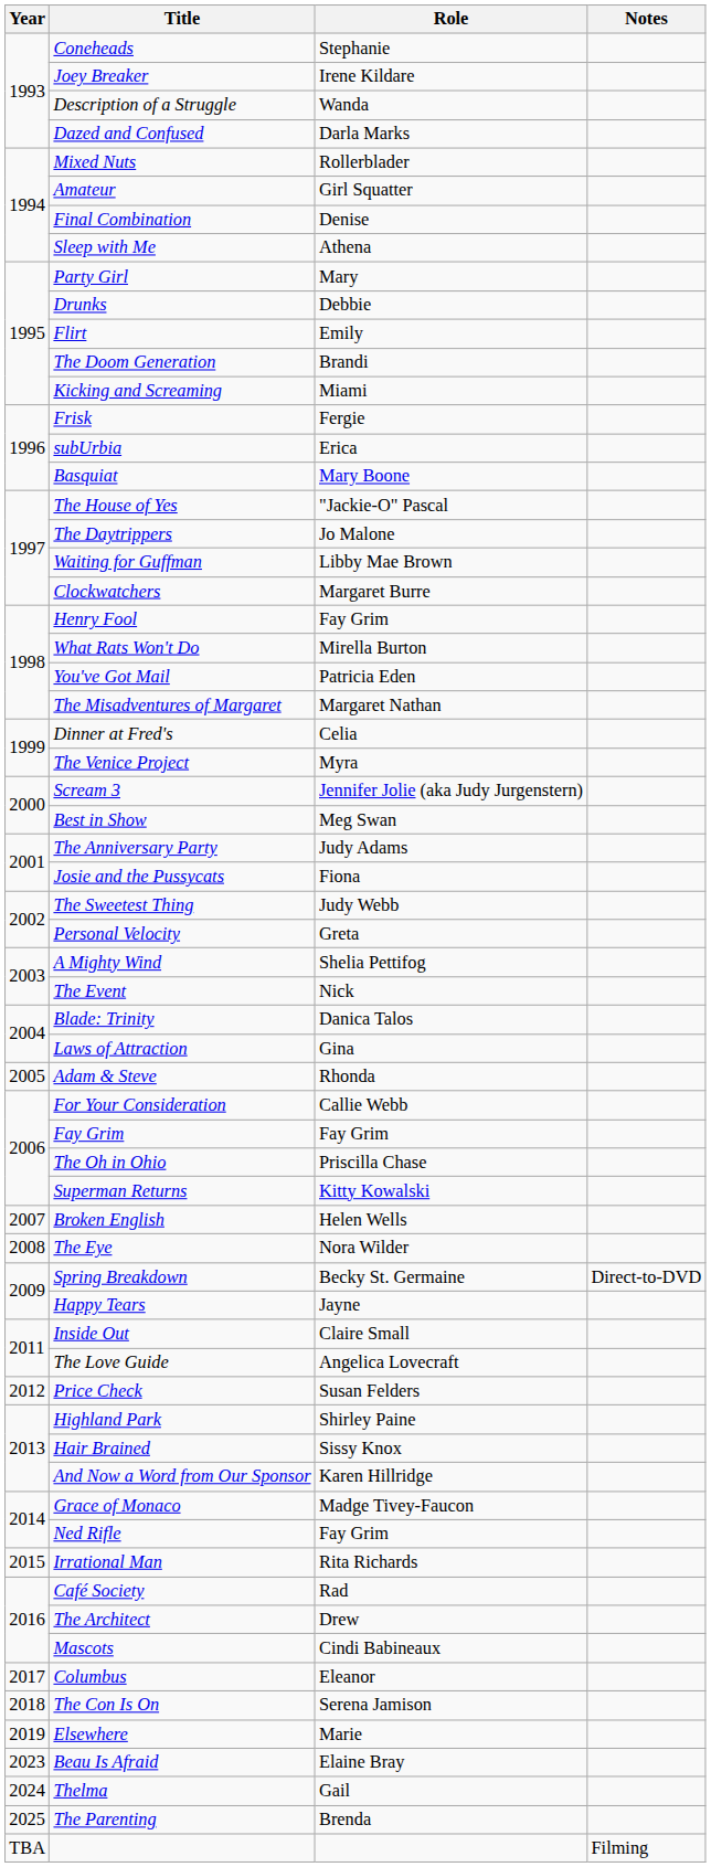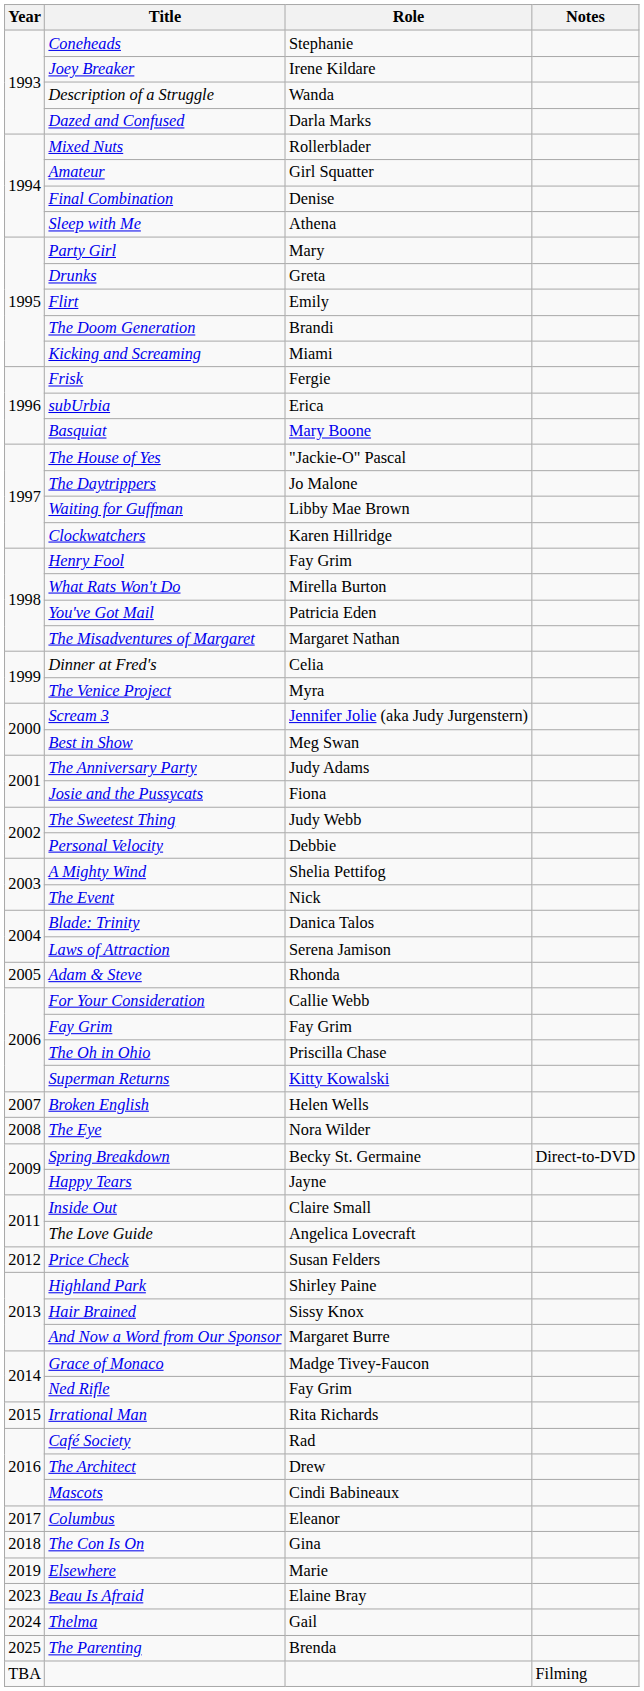 <table class="wikitable sortable">
 <tr>
 <th scope="col">Year</th>
 <th scope="col">Title</th>
 <th scope="col">Role</th>
 <th scope="col" class="unsortable">Notes</th>
 </tr>
 <tr>
 <td rowspan="4">1993</td>
 <td><em><a href='#'>Coneheads</a></em></td>
 <td>Stephanie</td>
 <td></td>
 </tr>
 <tr>
 <td><em><a href='#'>Joey Breaker</a></em></td>
 <td>Irene Kildare</td>
 <td></td>
 </tr>
 <tr>
 <td><em>Description of a Struggle</em></td>
 <td>Wanda</td>
 <td></td>
 </tr>
 <tr>
 <td><em><a href='#'>Dazed and Confused</a></em></td>
 <td>Darla Marks</td>
 <td></td>
 </tr>
 <tr>
 <td rowspan="4">1994</td>
 <td><em><a href='#'>Mixed Nuts</a></em></td>
 <td>Rollerblader</td>
 <td></td>
 </tr>
 <tr>
 <td><em><a href='#'>Amateur</a></em></td>
 <td>Girl Squatter</td>
 <td></td>
 </tr>
 <tr>
 <td><em><a href='#'>Final Combination</a></em></td>
 <td>Denise</td>
 <td></td>
 </tr>
 <tr>
 <td><em><a href='#'>Sleep with Me</a></em></td>
 <td>Athena</td>
 <td></td>
 </tr>
 <tr>
 <td rowspan="5">1995</td>
 <td><em><a href='#'>Party Girl</a></em></td>
 <td>Mary</td>
 <td></td>
 </tr>
 <tr>
 <td><em><a href='#'>Drunks</a></em></td>
-<td>Debbie</td>
+<td>Greta</td>
 <td></td>
 </tr>
 <tr>
 <td><em><a href='#'>Flirt</a></em></td>
 <td>Emily</td>
 <td></td>
 </tr>
 <tr>
 <td><em><a href='#'>The Doom Generation</a></em></td>
 <td>Brandi</td>
 <td></td>
 </tr>
 <tr>
 <td><em><a href='#'>Kicking and Screaming</a></em></td>
 <td>Miami</td>
 <td></td>
 </tr>
 <tr>
 <td rowspan="3">1996</td>
 <td><em><a href='#'>Frisk</a></em></td>
 <td>Fergie</td>
 <td></td>
 </tr>
 <tr>
 <td><em><a href='#'>subUrbia</a></em></td>
 <td>Erica</td>
 <td></td>
 </tr>
 <tr>
 <td><em><a href='#'>Basquiat</a></em></td>
 <td><a href='#'>Mary Boone</a></td>
 <td></td>
 </tr>
 <tr>
 <td rowspan="4">1997</td>
 <td><em><a href='#'>The House of Yes</a></em></td>
 <td>"Jackie-O" Pascal</td>
 <td></td>
 </tr>
 <tr>
 <td><em><a href='#'>The Daytrippers</a></em></td>
 <td>Jo Malone</td>
 <td></td>
 </tr>
 <tr>
 <td><em><a href='#'>Waiting for Guffman</a></em></td>
 <td>Libby Mae Brown</td>
 <td></td>
 </tr>
 <tr>
 <td><em><a href='#'>Clockwatchers</a></em></td>
-<td>Margaret Burre</td>
+<td>Karen Hillridge</td>
 <td></td>
 </tr>
 <tr>
 <td rowspan="4">1998</td>
 <td><em><a href='#'>Henry Fool</a></em></td>
 <td>Fay Grim</td>
 <td></td>
 </tr>
 <tr>
 <td><em><a href='#'>What Rats Won't Do</a></em></td>
 <td>Mirella Burton</td>
 <td></td>
 </tr>
 <tr>
 <td><em><a href='#'>You've Got Mail</a></em></td>
 <td>Patricia Eden</td>
 <td></td>
 </tr>
 <tr>
 <td><em><a href='#'>The Misadventures of Margaret</a></em></td>
 <td>Margaret Nathan</td>
 <td></td>
 </tr>
 <tr>
 <td rowspan="2">1999</td>
 <td><em>Dinner at Fred's</em></td>
 <td>Celia</td>
 <td></td>
 </tr>
 <tr>
 <td><em><a href='#'>The Venice Project</a></em></td>
 <td>Myra</td>
 <td></td>
 </tr>
 <tr>
 <td rowspan="2">2000</td>
 <td><em><a href='#'>Scream 3</a></em></td>
 <td><a href='#'>Jennifer Jolie</a> (aka Judy Jurgenstern)</td>
 <td></td>
 </tr>
 <tr>
 <td><em><a href='#'>Best in Show</a></em></td>
 <td>Meg Swan</td>
 <td></td>
 </tr>
 <tr>
 <td rowspan="2">2001</td>
 <td><em><a href='#'>The Anniversary Party</a></em></td>
 <td>Judy Adams</td>
 <td></td>
 </tr>
 <tr>
 <td><em><a href='#'>Josie and the Pussycats</a></em></td>
 <td>Fiona</td>
 <td></td>
 </tr>
 <tr>
 <td rowspan="2">2002</td>
 <td><em><a href='#'>The Sweetest Thing</a></em></td>
 <td>Judy Webb</td>
 <td></td>
 </tr>
 <tr>
 <td><em><a href='#'>Personal Velocity</a></em></td>
-<td>Greta</td>
+<td>Debbie</td>
 <td></td>
 </tr>
 <tr>
 <td rowspan="2">2003</td>
 <td><em><a href='#'>A Mighty Wind</a></em></td>
 <td>Shelia Pettifog</td>
 <td></td>
 </tr>
 <tr>
 <td><em><a href='#'>The Event</a></em></td>
 <td>Nick</td>
 <td></td>
 </tr>
 <tr>
 <td rowspan="2">2004</td>
 <td><em><a href='#'>Blade: Trinity</a></em></td>
 <td>Danica Talos</td>
 <td></td>
 </tr>
 <tr>
 <td><em><a href='#'>Laws of Attraction</a></em></td>
-<td>Gina</td>
+<td>Serena Jamison</td>
 <td></td>
 </tr>
 <tr>
 <td>2005</td>
 <td><em><a href='#'>Adam & Steve</a></em></td>
 <td>Rhonda</td>
 <td></td>
 </tr>
 <tr>
 <td rowspan="4">2006</td>
 <td><em><a href='#'>For Your Consideration</a></em></td>
 <td>Callie Webb</td>
 <td></td>
 </tr>
 <tr>
 <td><em><a href='#'>Fay Grim</a></em></td>
 <td>Fay Grim</td>
 <td></td>
 </tr>
 <tr>
 <td><em><a href='#'>The Oh in Ohio</a></em></td>
 <td>Priscilla Chase</td>
 <td></td>
 </tr>
 <tr>
 <td><em><a href='#'>Superman Returns</a></em></td>
 <td><a href='#'>Kitty Kowalski</a></td>
 <td></td>
 </tr>
 <tr>
 <td>2007</td>
 <td><em><a href='#'>Broken English</a></em></td>
 <td>Helen Wells</td>
 <td></td>
 </tr>
 <tr>
 <td>2008</td>
 <td><em><a href='#'>The Eye</a></em></td>
 <td>Nora Wilder</td>
 <td></td>
 </tr>
 <tr>
 <td rowspan="2">2009</td>
 <td><em><a href='#'>Spring Breakdown</a></em></td>
 <td>Becky St. Germaine</td>
 <td>Direct-to-DVD</td>
 </tr>
 <tr>
 <td><em><a href='#'>Happy Tears</a></em></td>
 <td>Jayne</td>
 <td></td>
 </tr>
 <tr>
 <td rowspan="2">2011</td>
 <td><em><a href='#'>Inside Out</a></em></td>
 <td>Claire Small</td>
 <td></td>
 </tr>
 <tr>
 <td><em>The Love Guide</em></td>
 <td>Angelica Lovecraft</td>
 <td></td>
 </tr>
 <tr>
 <td>2012</td>
 <td><em><a href='#'>Price Check</a></em></td>
 <td>Susan Felders</td>
 <td></td>
 </tr>
 <tr>
 <td rowspan="3">2013</td>
 <td><em><a href='#'>Highland Park</a></em></td>
 <td>Shirley Paine</td>
 <td></td>
 </tr>
 <tr>
 <td><em><a href='#'>Hair Brained</a></em></td>
 <td>Sissy Knox</td>
 <td></td>
 </tr>
 <tr>
 <td><em><a href='#'>And Now a Word from Our Sponsor</a></em></td>
-<td>Karen Hillridge</td>
+<td>Margaret Burre</td>
 <td></td>
 </tr>
 <tr>
 <td rowspan="2">2014</td>
 <td><em><a href='#'>Grace of Monaco</a></em></td>
 <td>Madge Tivey-Faucon</td>
 <td></td>
 </tr>
 <tr>
 <td><em><a href='#'>Ned Rifle</a></em></td>
 <td>Fay Grim</td>
 <td></td>
 </tr>
 <tr>
 <td>2015</td>
 <td><em><a href='#'>Irrational Man</a></em></td>
 <td>Rita Richards</td>
 <td></td>
 </tr>
 <tr>
 <td rowspan="3">2016</td>
 <td><em><a href='#'>Café Society</a></em></td>
 <td>Rad</td>
 <td></td>
 </tr>
 <tr>
 <td><em><a href='#'>The Architect</a></em></td>
 <td>Drew</td>
 <td></td>
 </tr>
 <tr>
 <td><em><a href='#'>Mascots</a></em></td>
 <td>Cindi Babineaux</td>
 <td></td>
 </tr>
 <tr>
 <td>2017</td>
 <td><em><a href='#'>Columbus</a></em></td>
 <td>Eleanor</td>
 <td></td>
 </tr>
 <tr>
 <td>2018</td>
 <td><em><a href='#'>The Con Is On</a></em></td>
-<td>Serena Jamison</td>
+<td>Gina</td>
 <td></td>
 </tr>
 <tr>
 <td>2019</td>
 <td><em><a href='#'>Elsewhere</a></em></td>
 <td>Marie</td>
 <td></td>
 </tr>
 <tr>
 <td>2023</td>
 <td><em><a href='#'>Beau Is Afraid</a></em></td>
 <td>Elaine Bray</td>
 <td></td>
 </tr>
 <tr>
 <td>2024</td>
 <td><em><a href='#'>Thelma</a></em></td>
 <td>Gail</td>
 <td></td>
 </tr>
 <tr>
 <td>2025</td>
 <td><em><a href='#'>The Parenting</a></em></td>
 <td>Brenda</td>
 <td></td>
 </tr>
 <tr>
 <td>TBA</td>
 <td></td>
 <td></td>
 <td>Filming</td>
 </tr>
 </table>
